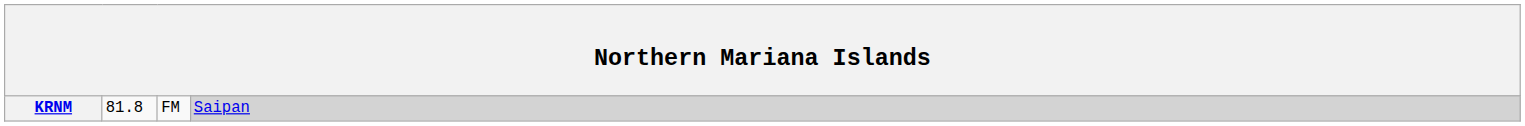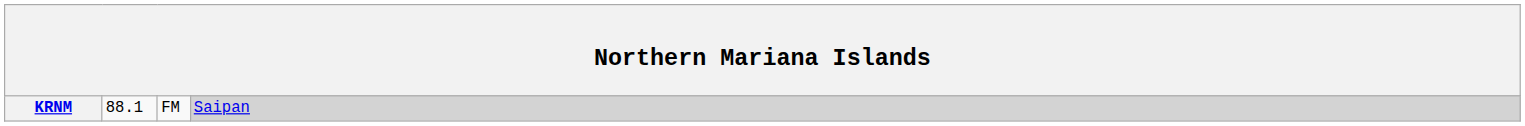 <table class="wikitable mw-collapsible" style="width:100%">
 <tr>
 <th scope="col" colspan="4"><br><h2>Northern Mariana Islands</h2></th>
 </tr>
 <tr>
 <th scope="row" style="width: 75px;"><a href='#'>KRNM</a></th>
-<td style="width: 40px;">81.8</td>
+<td style="width: 40px;">88.1</td>
 <td style="width: 21px;">FM</td>
 <td style="background: lightgrey;"><a href='#'>Saipan</a></td>
 </tr>
 </table>
